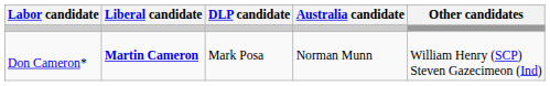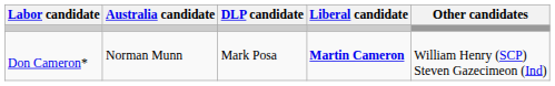 <table class="wikitable">
 <tr>
 <th><a href='#'>Labor</a> candidate</th>
+<th><a href='#'>Australia</a> candidate</th>
+<th><a href='#'>DLP</a> candidate</th>
 <th><a href='#'>Liberal</a> candidate</th>
-<th><a href='#'>DLP</a> candidate</th>
-<th><a href='#'>Australia</a> candidate</th>
 <th>Other candidates</th>
 </tr>
 <tr bgcolor="#cccccc">
 <td></td>
 <td></td>
 <td></td>
 <td></td>
 <td bgcolor="#999999"></td>
 </tr>
 <tr>
 <td><br><a href='#'>Don Cameron</a>*</td>
+<td valign=top><br>Norman Munn</td>
+<td valign=top><br>Mark Posa</td>
 <td valign=top><br><strong><a href='#'>Martin Cameron</a></strong></td>
-<td valign=top><br>Mark Posa</td>
-<td valign=top><br>Norman Munn</td>
 <td valign=top><br>William Henry (<a href='#'>SCP</a>)<br> Steven Gazecimeon (<a href='#'>Ind</a>)</td>
 </tr>
 </table>
